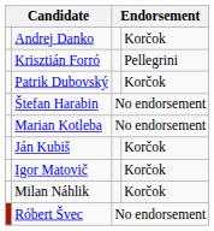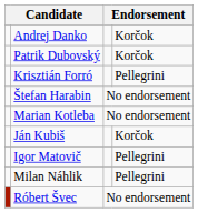 <table class="wikitable">
 <tr>
 <th colspan="2">Candidate</th>
 <th colspan="2">Endorsement</th>
 </tr>
 <tr>
 <td style="background-color: "></td>
 <td><a href='#'>Andrej Danko</a></td>
 <td style="background-color: "></td>
 <td>Korčok</td>
 </tr>
 <tr>
 <td style="background-color: "></td>
+<td><a href='#'>Patrik Dubovský</a></td>
+<td style="background-color: "></td>
+<td>Korčok</td>
+</tr>
+<tr>
+<td style="background-color: "></td>
 <td><a href='#'>Krisztián Forró</a></td>
 <td style="background-color: "></td>
 <td>Pellegrini</td>
-</tr>
-<tr>
-<td style="background-color: "></td>
-<td><a href='#'>Patrik Dubovský</a></td>
-<td style="background-color: "></td>
-<td>Korčok</td>
 </tr>
 <tr>
 <td style="background-color: "></td>
 <td><a href='#'>Štefan Harabin</a></td>
 <td colspan="2">No endorsement</td>
 </tr>
 <tr>
 <td style="background-color: "></td>
 <td><a href='#'>Marian Kotleba</a></td>
 <td colspan="2">No endorsement</td>
 </tr>
 <tr>
 <td style="background-color: "></td>
 <td><a href='#'>Ján Kubiš</a></td>
 <td style="background-color: "></td>
 <td>Korčok</td>
 </tr>
 <tr>
 <td style="background-color: "></td>
 <td><a href='#'>Igor Matovič</a></td>
 <td style="background-color: "></td>
-<td>Korčok</td>
+<td>Pellegrini</td>
 </tr>
 <tr>
 <td style="background-color: "></td>
 <td>Milan Náhlik</td>
 <td style="background-color: "></td>
-<td>Korčok</td>
+<td>Pellegrini</td>
 </tr>
 <tr>
 <td style="background-color: #AA1801;"></td>
 <td><a href='#'>Róbert Švec</a></td>
 <td colspan="2">No endorsement</td>
 </tr>
 </table>
